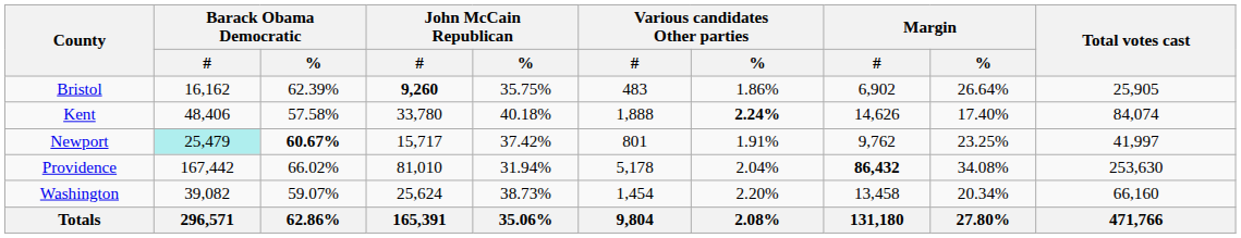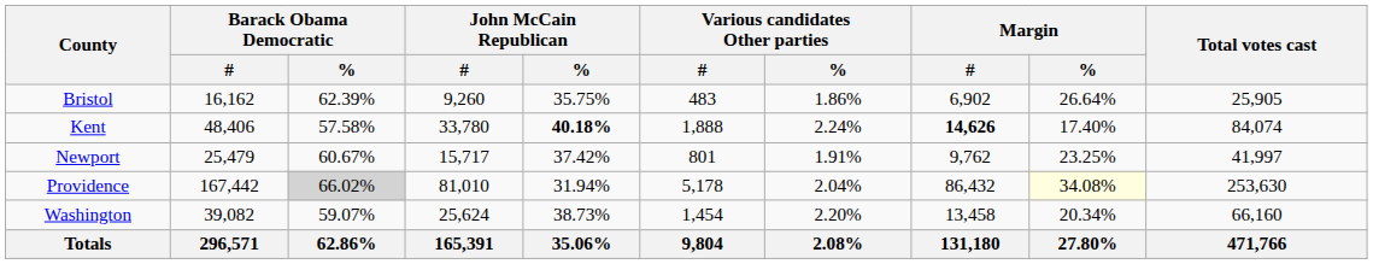 <table width="60%"  class="wikitable sortable" style="text-align:center">
 <tr>
 <th style="text-align:center;" rowspan="2">County</th>
 <th style="text-align:center;" colspan="2">Barack Obama<br>Democratic</th>
 <th style="text-align:center;" colspan="2">John McCain<br>Republican</th>
 <th style="text-align:center;" colspan="2">Various candidates<br>Other parties</th>
 <th style="text-align:center;" colspan="2">Margin</th>
 <th style="text-align:center;" rowspan="2">Total votes cast</th>
 </tr>
 <tr>
 <th style="text-align:center;" data-sort-type="number">#</th>
 <th style="text-align:center;" data-sort-type="number">%</th>
 <th style="text-align:center;" data-sort-type="number">#</th>
 <th style="text-align:center;" data-sort-type="number">%</th>
 <th style="text-align:center;" data-sort-type="number">#</th>
 <th style="text-align:center;" data-sort-type="number">%</th>
 <th style="text-align:center;" data-sort-type="number">#</th>
 <th style="text-align:center;" data-sort-type="number">%</th>
 </tr>
 <tr style="text-align:center;">
 <td><a href='#'>Bristol</a></td>
 <td>16,162</td>
 <td>62.39%</td>
-<td><strong>9,260</strong></td>
+<td>9,260</td>
 <td>35.75%</td>
 <td>483</td>
 <td>1.86%</td>
 <td>6,902</td>
 <td>26.64%</td>
 <td>25,905</td>
 </tr>
 <tr style="text-align:center;">
 <td><a href='#'>Kent</a></td>
 <td>48,406</td>
 <td>57.58%</td>
 <td>33,780</td>
-<td>40.18%</td>
+<td><strong>40.18%</strong></td>
 <td>1,888</td>
-<td><strong>2.24%</strong></td>
-<td>14,626</td>
+<td>2.24%</td>
+<td><strong>14,626</strong></td>
 <td>17.40%</td>
 <td>84,074</td>
 </tr>
 <tr style="text-align:center;">
 <td><a href='#'>Newport</a></td>
-<td style="background: paleturquoise;">25,479</td>
-<td><strong>60.67%</strong></td>
+<td>25,479</td>
+<td>60.67%</td>
 <td>15,717</td>
 <td>37.42%</td>
 <td>801</td>
 <td>1.91%</td>
 <td>9,762</td>
 <td>23.25%</td>
 <td>41,997</td>
 </tr>
 <tr style="text-align:center;">
 <td><a href='#'>Providence</a></td>
 <td>167,442</td>
-<td>66.02%</td>
+<td style="background: lightgrey;">66.02%</td>
 <td>81,010</td>
 <td>31.94%</td>
 <td>5,178</td>
 <td>2.04%</td>
-<td><strong>86,432</strong></td>
-<td>34.08%</td>
+<td>86,432</td>
+<td style="background: lightyellow;">34.08%</td>
 <td>253,630</td>
 </tr>
 <tr style="text-align:center;">
 <td><a href='#'>Washington</a></td>
 <td>39,082</td>
 <td>59.07%</td>
 <td>25,624</td>
 <td>38.73%</td>
 <td>1,454</td>
 <td>2.20%</td>
 <td>13,458</td>
 <td>20.34%</td>
 <td>66,160</td>
 </tr>
 <tr>
 <th>Totals</th>
 <th>296,571</th>
 <th>62.86%</th>
 <th>165,391</th>
 <th>35.06%</th>
 <th>9,804</th>
 <th>2.08%</th>
 <th>131,180</th>
 <th>27.80%</th>
 <th>471,766</th>
 </tr>
 </table>
